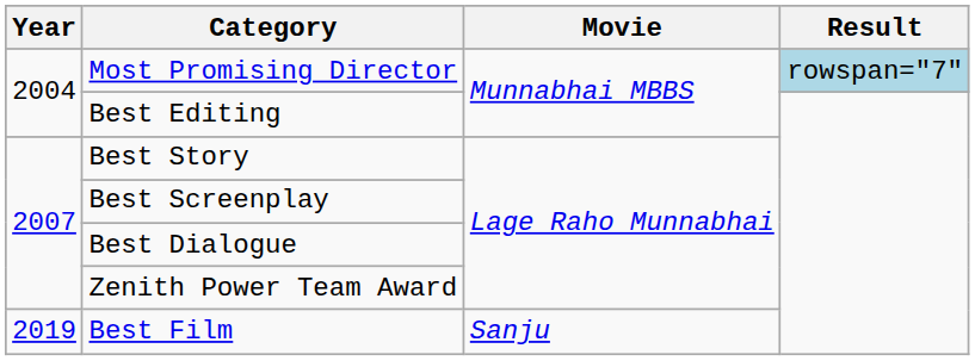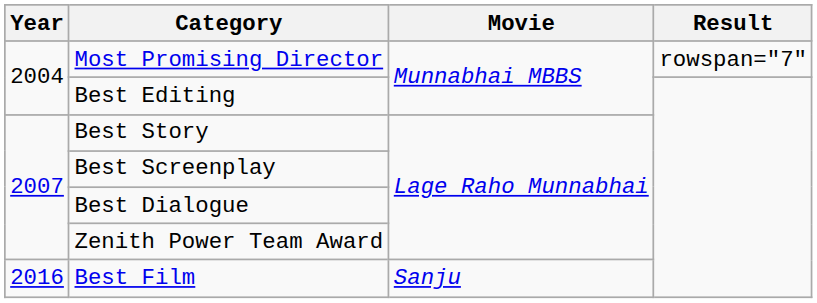 <table class="wikitable">
 <tr>
 <th>Year</th>
 <th>Category</th>
 <th>Movie</th>
 <th>Result</th>
 </tr>
 <tr>
 <td rowspan="2">2004</td>
 <td><a href='#'>Most Promising Director</a></td>
 <td rowspan="2"><em><a href='#'>Munnabhai MBBS</a></em></td>
-<td style="background: lightblue;">rowspan="7"</td>
+<td>rowspan="7"</td>
 </tr>
 <tr>
 <td>Best Editing</td>
 </tr>
 <tr>
 <td rowspan="4"><a href='#'>2007</a></td>
 <td>Best Story</td>
 <td rowspan="4"><em><a href='#'>Lage Raho Munnabhai</a></em></td>
 </tr>
 <tr>
 <td>Best Screenplay</td>
 </tr>
 <tr>
 <td>Best Dialogue</td>
 </tr>
 <tr>
 <td>Zenith Power Team Award</td>
 </tr>
 <tr>
-<td><a href='#'>2019</a></td>
+<td><a href='#'>2016</a></td>
 <td><a href='#'>Best Film</a></td>
 <td><em><a href='#'>Sanju</a></em></td>
 </tr>
 </table>
